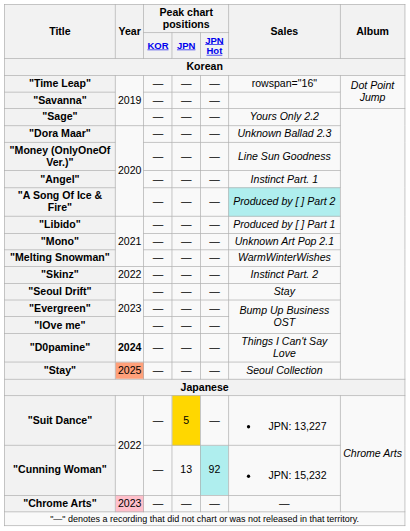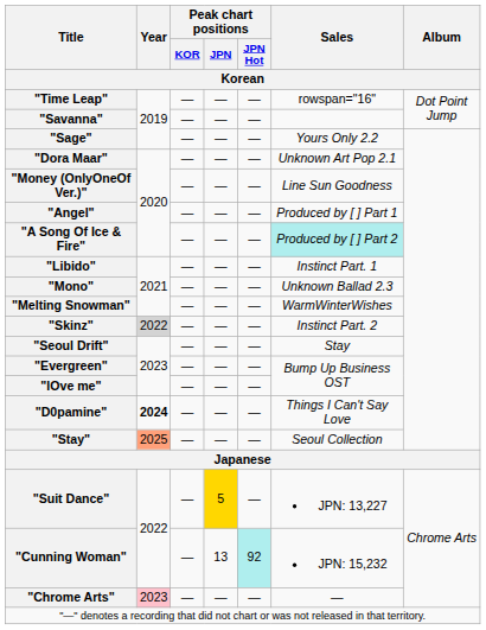 <table class="wikitable plainrowheaders" style="text-align:center">
 <tr>
 <th scope="col" rowspan="2">Title</th>
 <th scope="col" rowspan="2">Year</th>
 <th scope="col" colspan="3">Peak chart positions</th>
 <th scope="col" rowspan="2">Sales</th>
 <th scope="col" rowspan="2">Album</th>
 </tr>
 <tr>
 <th scope="col" style="font-size:90%; width:2.5em"><a href='#'>KOR</a></th>
 <th scope="col" style="font-size:90%; width:2.5em"><a href='#'>JPN</a><br></th>
 <th scope="col" style="font-size:90%; width:2.5em"><a href='#'>JPN<br>Hot</a><br></th>
 </tr>
 <tr>
 <th colspan="7">Korean</th>
 </tr>
 <tr>
 <th scope="row">"Time Leap"</th>
 <td rowspan="3">2019</td>
 <td>—</td>
 <td>—</td>
 <td>—</td>
 <td>rowspan="16" </td>
 <td rowspan="2"><em>Dot Point Jump</em></td>
 </tr>
 <tr>
 <th scope="row">"Savanna"</th>
 <td>—</td>
 <td>—</td>
 <td>—</td>
 </tr>
 <tr>
 <th scope="row">"Sage"</th>
 <td>—</td>
 <td>—</td>
 <td>—</td>
 <td><em>Yours Only 2.2</em></td>
 </tr>
 <tr>
 <th scope="row">"Dora Maar"</th>
 <td rowspan="4">2020</td>
 <td>—</td>
 <td>—</td>
 <td>—</td>
-<td><em>Unknown Ballad 2.3</em></td>
+<td><em>Unknown Art Pop 2.1</em></td>
 </tr>
 <tr>
 <th scope="row">"Money (OnlyOneOf Ver.)"</th>
 <td>—</td>
 <td>—</td>
 <td>—</td>
 <td><em>Line Sun Goodness</em></td>
 </tr>
 <tr>
 <th scope="row">"Angel"</th>
 <td>—</td>
 <td>—</td>
 <td>—</td>
-<td><em>Instinct Part. 1</em></td>
+<td><em>Produced by [ ] Part 1</em></td>
 </tr>
 <tr>
 <th scope="row">"A Song Of Ice & Fire"</th>
 <td>—</td>
 <td>—</td>
 <td>—</td>
 <td style="background: paleturquoise;"><em>Produced by [ ] Part 2</em></td>
 </tr>
 <tr>
 <th scope="row">"Libido"</th>
 <td rowspan="3">2021</td>
 <td>—</td>
 <td>—</td>
 <td>—</td>
-<td><em>Produced by [ ] Part 1</em></td>
+<td><em>Instinct Part. 1</em></td>
 </tr>
 <tr>
 <th scope="row">"Mono"</th>
 <td>—</td>
 <td>—</td>
 <td>—</td>
-<td><em>Unknown Art Pop 2.1</em></td>
+<td><em>Unknown Ballad 2.3</em></td>
 </tr>
 <tr>
 <th scope="row">"Melting Snowman"</th>
 <td>—</td>
 <td>—</td>
 <td>—</td>
 <td><em>WarmWinterWishes</em></td>
 </tr>
 <tr>
 <th scope="row">"Skinz"</th>
-<td>2022</td>
+<td style="background: lightgrey;">2022</td>
 <td>—</td>
 <td>—</td>
 <td>—</td>
 <td><em>Instinct Part. 2</em></td>
 </tr>
 <tr>
 <th scope="row">"Seoul Drift"</th>
 <td rowspan="3">2023</td>
 <td>—</td>
 <td>—</td>
 <td>—</td>
 <td><em>Stay</em></td>
 </tr>
 <tr>
 <th scope="row">"Evergreen"</th>
 <td>—</td>
 <td>—</td>
 <td>—</td>
 <td rowspan="2"><em>Bump Up Business OST</em></td>
 </tr>
 <tr>
 <th scope="row">"lOve me"</th>
 <td>—</td>
 <td>—</td>
 <td>—</td>
 </tr>
 <tr>
 <th scope="row">"D0pamine"</th>
 <td><strong>2024</strong></td>
 <td>—</td>
 <td>—</td>
 <td>—</td>
 <td><em>Things I Can't Say Love</em></td>
 </tr>
 <tr>
 <th scope="row">"Stay"</th>
 <td style="background: lightsalmon;">2025</td>
 <td>—</td>
 <td>—</td>
 <td>—</td>
 <td><em>Seoul Collection</em></td>
 </tr>
 <tr>
 <th colspan="7">Japanese</th>
 </tr>
 <tr>
 <th scope="row">"Suit Dance"</th>
 <td rowspan="2">2022</td>
 <td>—</td>
 <td style="background: gold;">5</td>
 <td>—</td>
 <td><br><ul><li>JPN: 13,227 </li></ul></td>
 <td rowspan="3"><em>Chrome Arts</em></td>
 </tr>
 <tr>
 <th scope="row">"Cunning Woman" </th>
 <td>—</td>
 <td>13</td>
 <td style="background: paleturquoise;">92</td>
 <td><br><ul><li>JPN: 15,232 </li></ul></td>
 </tr>
 <tr>
 <th scope="row">"Chrome Arts"</th>
 <td style="background: pink;">2023</td>
 <td>—</td>
 <td>—</td>
 <td>—</td>
 <td>—</td>
 </tr>
 <tr>
 <td colspan="7" style="font-size:85%">"—" denotes a recording that did not chart or was not released in that territory.</td>
 </tr>
 </table>
